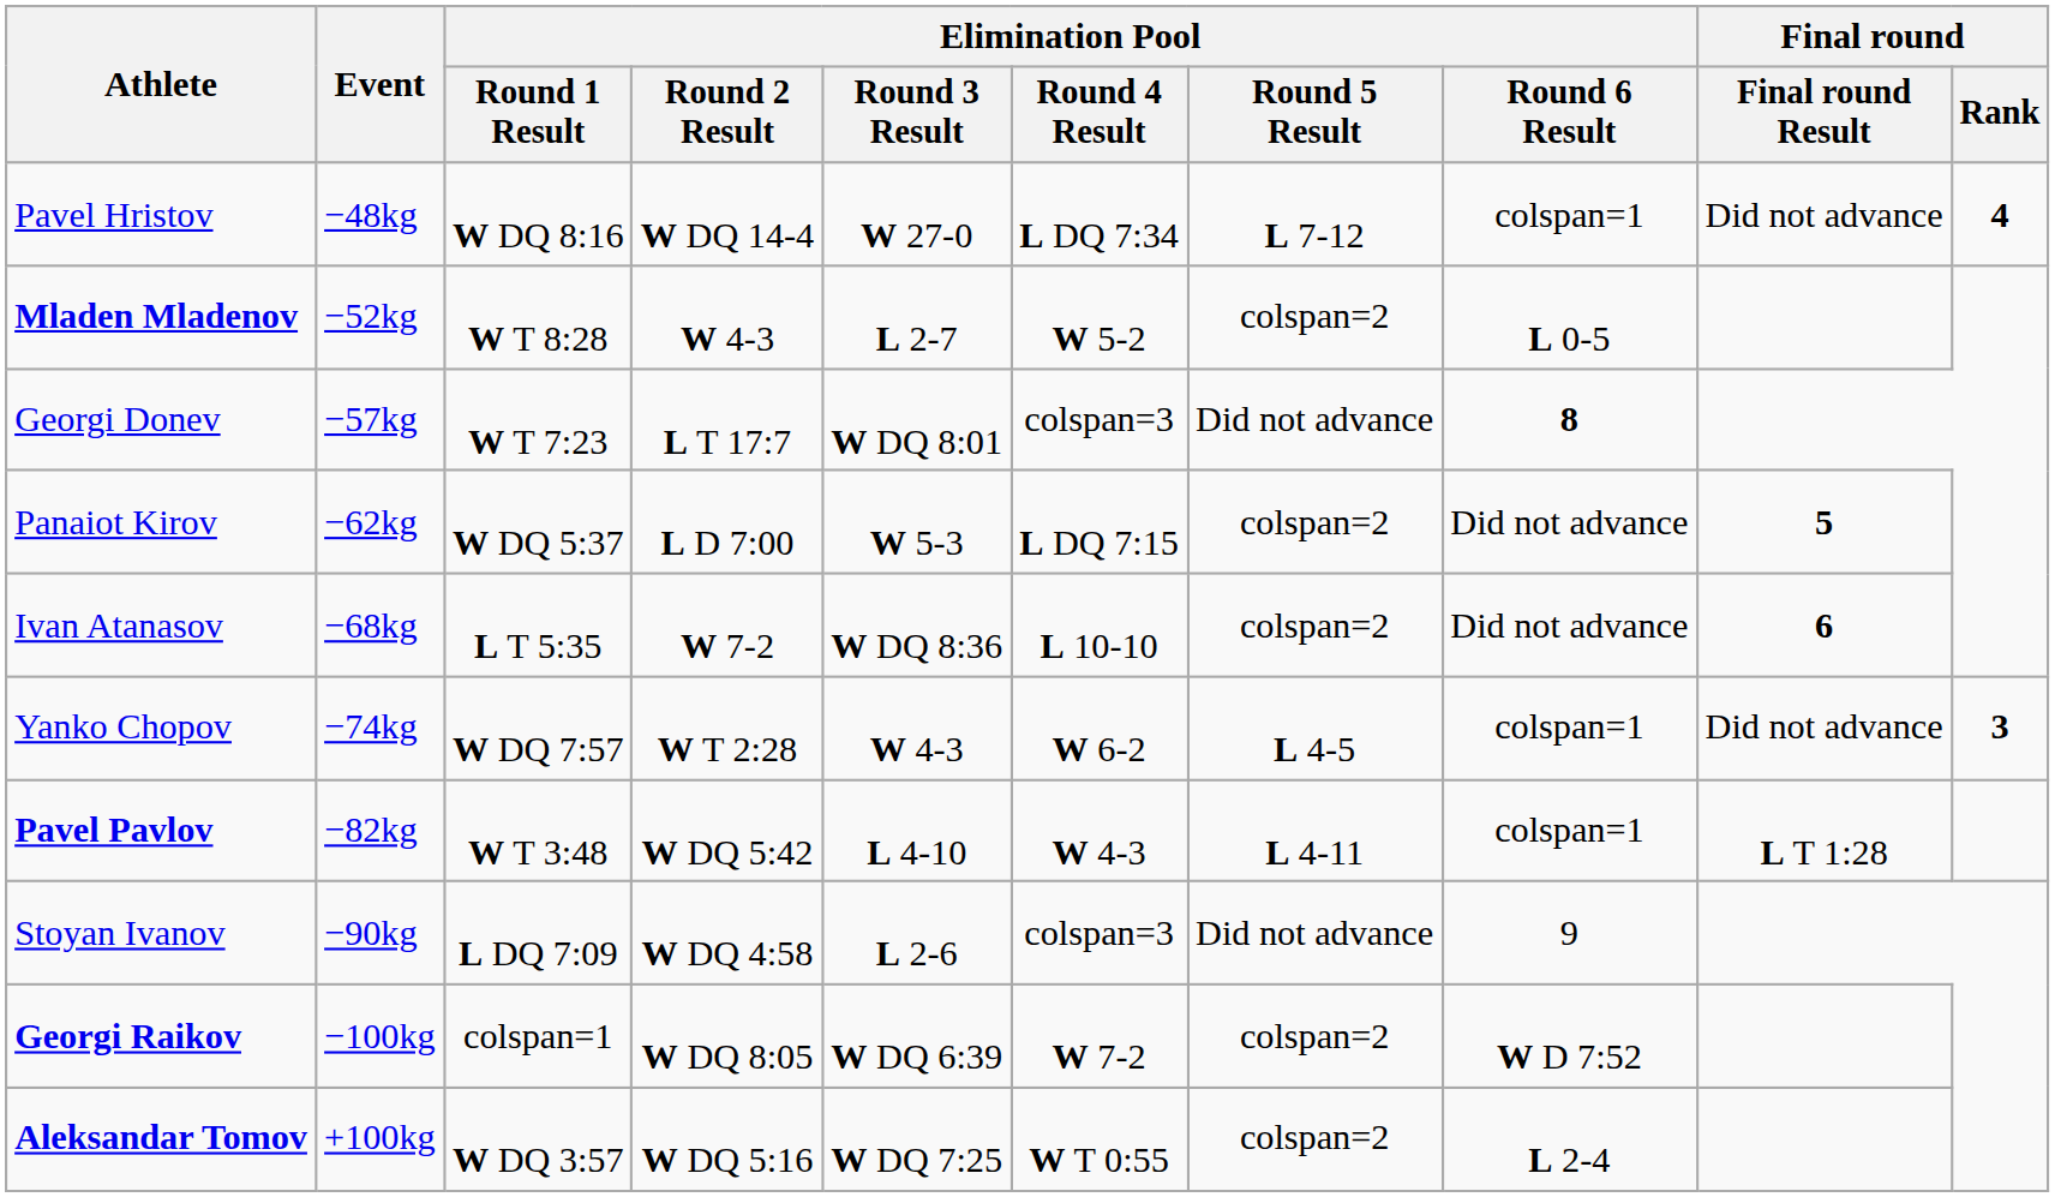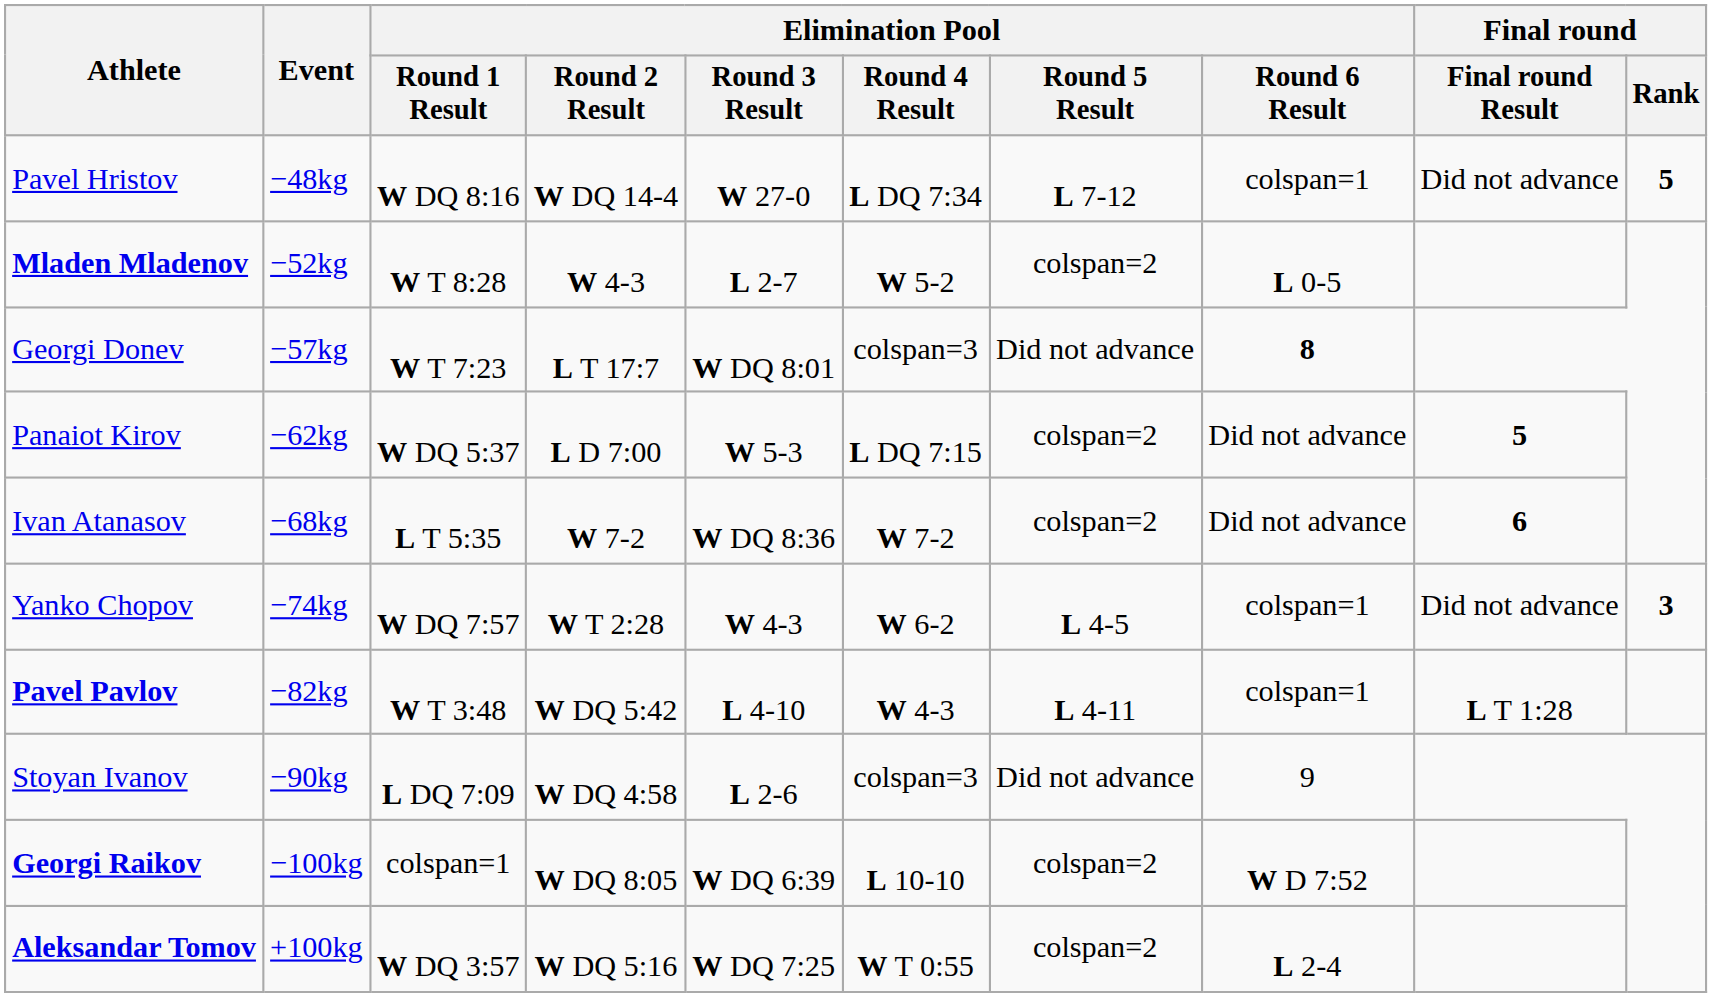 <table class="wikitable" style="font-size:90%">
 <tr>
 <th rowspan="2">Athlete</th>
 <th rowspan="2">Event</th>
 <th colspan=6>Elimination Pool</th>
 <th colspan=2>Final round</th>
 </tr>
 <tr style="font-size: 95%">
 <th>Round 1<br>Result</th>
 <th>Round 2<br>Result</th>
 <th>Round 3<br>Result</th>
 <th>Round 4<br>Result</th>
 <th>Round 5<br>Result</th>
 <th>Round 6<br>Result</th>
 <th>Final round<br>Result</th>
 <th>Rank</th>
 </tr>
 <tr align=center>
 <td align=left><a href='#'>Pavel Hristov</a></td>
 <td align=left><a href='#'>−48kg</a></td>
 <td><br><strong>W</strong> DQ 8:16</td>
 <td><br><strong>W</strong> DQ 14-4</td>
 <td><br><strong>W</strong> 27-0</td>
 <td><br><strong>L</strong> DQ 7:34</td>
 <td><br><strong>L</strong> 7-12</td>
 <td>colspan=1 </td>
 <td>Did not advance</td>
-<td><strong>4</strong></td>
+<td><strong>5</strong></td>
 </tr>
 <tr align=center>
 <td align=left><strong><a href='#'>Mladen Mladenov</a></strong></td>
 <td align=left><a href='#'>−52kg</a></td>
 <td><br><strong>W</strong> T 8:28</td>
 <td><br><strong>W</strong> 4-3</td>
 <td><br><strong>L</strong> 2-7</td>
 <td><br><strong>W</strong> 5-2</td>
 <td>colspan=2 </td>
 <td><br><strong>L</strong> 0-5</td>
 <td></td>
 </tr>
 <tr align=center>
 <td align=left><a href='#'>Georgi Donev</a></td>
 <td align=left><a href='#'>−57kg</a></td>
 <td><br><strong>W</strong> T 7:23</td>
 <td><br><strong>L</strong> T 17:7</td>
 <td><br><strong>W</strong> DQ 8:01</td>
 <td>colspan=3 </td>
 <td>Did not advance</td>
 <td><strong>8</strong></td>
 </tr>
 <tr align=center>
 <td align=left><a href='#'>Panaiot Kirov</a></td>
 <td align=left><a href='#'>−62kg</a></td>
 <td><br><strong>W</strong> DQ 5:37</td>
 <td><br><strong>L</strong> D 7:00</td>
 <td><br><strong>W</strong> 5-3</td>
 <td><br><strong>L</strong> DQ 7:15</td>
 <td>colspan=2 </td>
 <td>Did not advance</td>
 <td><strong>5</strong></td>
 </tr>
 <tr align=center>
 <td align=left><a href='#'>Ivan Atanasov</a></td>
 <td align=left><a href='#'>−68kg</a></td>
 <td><br><strong>L</strong> T 5:35</td>
 <td><br><strong>W</strong> 7-2</td>
 <td><br><strong>W</strong> DQ 8:36</td>
-<td><br><strong>L</strong> 10-10</td>
+<td><br><strong>W</strong> 7-2</td>
 <td>colspan=2 </td>
 <td>Did not advance</td>
 <td><strong>6</strong></td>
 </tr>
 <tr align=center>
 <td align=left><a href='#'>Yanko Chopov</a></td>
 <td align=left><a href='#'>−74kg</a></td>
 <td><br><strong>W</strong> DQ 7:57</td>
 <td><br><strong>W</strong> T 2:28</td>
 <td><br><strong>W</strong> 4-3</td>
 <td><br><strong>W</strong> 6-2</td>
 <td><br><strong>L</strong> 4-5</td>
 <td>colspan=1 </td>
 <td>Did not advance</td>
 <td><strong>3</strong></td>
 </tr>
 <tr align=center>
 <td align=left><strong><a href='#'>Pavel Pavlov</a></strong></td>
 <td align=left><a href='#'>−82kg</a></td>
 <td><br><strong>W</strong> T 3:48</td>
 <td><br><strong>W</strong> DQ 5:42</td>
 <td><br><strong>L</strong> 4-10</td>
 <td><br><strong>W</strong> 4-3</td>
 <td><br><strong>L</strong> 4-11</td>
 <td>colspan=1 </td>
 <td><br><strong>L</strong> T 1:28</td>
 <td></td>
 </tr>
 <tr align=center>
 <td align=left><a href='#'>Stoyan Ivanov</a></td>
 <td align=left><a href='#'>−90kg</a></td>
 <td><br><strong>L</strong> DQ 7:09</td>
 <td><br><strong>W</strong> DQ 4:58</td>
 <td><br><strong>L</strong> 2-6</td>
 <td>colspan=3 </td>
 <td>Did not advance</td>
 <td>9</td>
 </tr>
 <tr align=center>
 <td align=left><strong><a href='#'>Georgi Raikov</a></strong></td>
 <td align=left><a href='#'>−100kg</a></td>
 <td>colspan=1 </td>
 <td><br><strong>W</strong> DQ 8:05</td>
 <td><br><strong>W</strong> DQ 6:39</td>
-<td><br><strong>W</strong> 7-2</td>
+<td><br><strong>L</strong> 10-10</td>
 <td>colspan=2 </td>
 <td><br><strong>W</strong> D 7:52</td>
 <td></td>
 </tr>
 <tr align=center>
 <td align=left><strong><a href='#'>Aleksandar Tomov</a></strong></td>
 <td align=left><a href='#'>+100kg</a></td>
 <td><br><strong>W</strong> DQ 3:57</td>
 <td><br><strong>W</strong> DQ 5:16</td>
 <td><br><strong>W</strong> DQ 7:25</td>
 <td><br><strong>W</strong> T 0:55</td>
 <td>colspan=2 </td>
 <td><br><strong>L</strong> 2-4</td>
 <td></td>
 </tr>
 </table>
